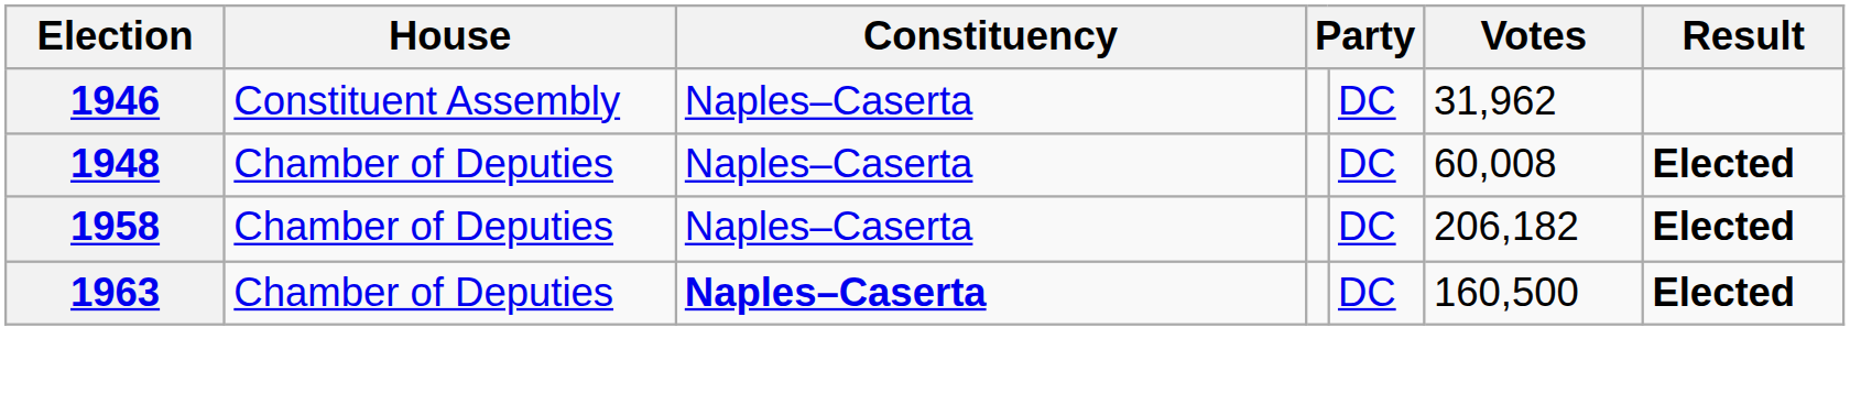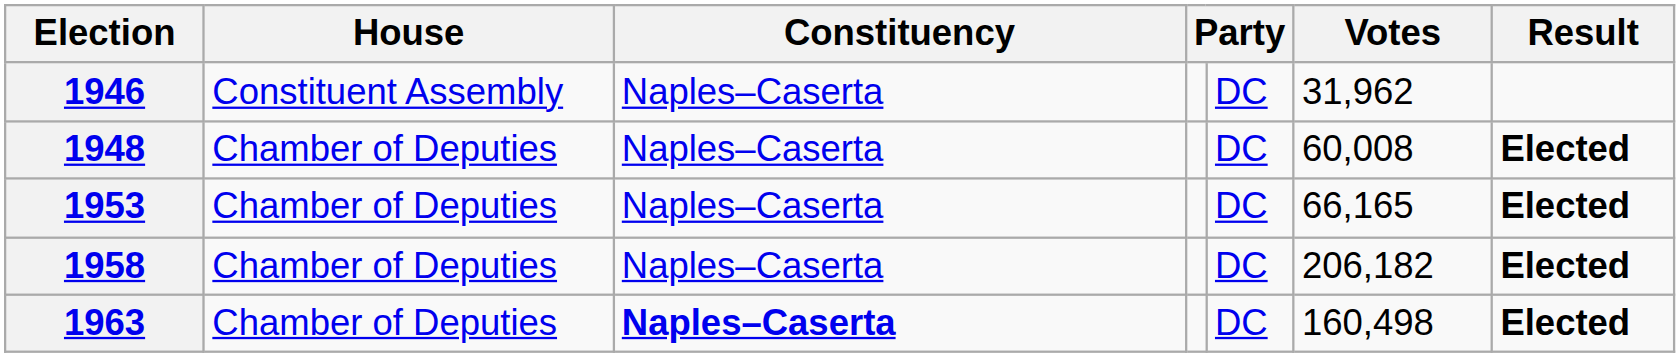 <table class=wikitable style="width:58%; border:1px #AAAAFF solid">
 <tr>
 <th width=12%>Election</th>
 <th width=25%>House</th>
 <th width=35%>Constituency</th>
 <th width=5% colspan="2">Party</th>
 <th width=12%>Votes</th>
 <th width=12%>Result</th>
 </tr>
 <tr>
 <th><a href='#'>1946</a></th>
 <td><a href='#'>Constituent Assembly</a></td>
 <td><a href='#'>Naples–Caserta</a></td>
 <td></td>
 <td><a href='#'>DC</a></td>
 <td>31,962</td>
 <td></td>
 </tr>
 <tr>
 <th><a href='#'>1948</a></th>
 <td><a href='#'>Chamber of Deputies</a></td>
 <td><a href='#'>Naples–Caserta</a></td>
 <td></td>
 <td><a href='#'>DC</a></td>
 <td>60,008</td>
 <td> <strong>Elected</strong></td>
 </tr>
 <tr>
+<th><a href='#'>1953</a></th>
+<td><a href='#'>Chamber of Deputies</a></td>
+<td><a href='#'>Naples–Caserta</a></td>
+<td></td>
+<td><a href='#'>DC</a></td>
+<td>66,165</td>
+<td> <strong>Elected</strong></td>
+</tr>
+<tr>
 <th><a href='#'>1958</a></th>
 <td><a href='#'>Chamber of Deputies</a></td>
 <td><a href='#'>Naples–Caserta</a></td>
 <td></td>
 <td><a href='#'>DC</a></td>
 <td>206,182</td>
 <td> <strong>Elected</strong></td>
 </tr>
 <tr>
 <th><a href='#'>1963</a></th>
 <td><a href='#'>Chamber of Deputies</a></td>
 <td><strong><a href='#'>Naples–Caserta</a></strong></td>
 <td></td>
 <td><a href='#'>DC</a></td>
-<td>160,500</td>
+<td>160,498</td>
 <td> <strong>Elected</strong></td>
 </tr>
 </table>
